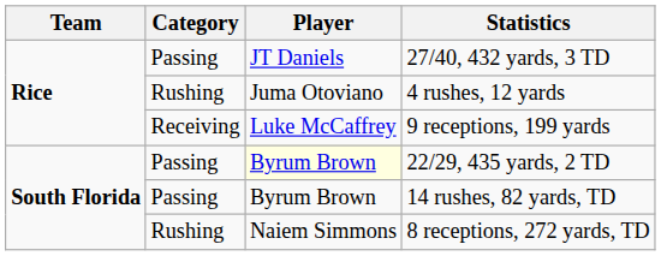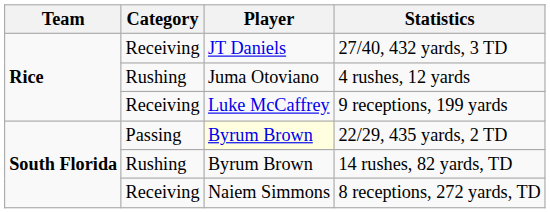 <table class="wikitable" style="float: right;">
 <tr>
 <th>Team</th>
 <th>Category</th>
 <th>Player</th>
 <th>Statistics</th>
 </tr>
 <tr>
 <td rowspan=3><strong>Rice</strong></td>
-<td>Passing</td>
+<td>Receiving</td>
 <td><a href='#'>JT Daniels</a></td>
 <td>27/40, 432 yards, 3 TD</td>
 </tr>
 <tr>
 <td>Rushing</td>
 <td>Juma Otoviano</td>
 <td>4 rushes, 12 yards</td>
 </tr>
 <tr>
 <td>Receiving</td>
 <td><a href='#'>Luke McCaffrey</a></td>
 <td>9 receptions, 199 yards</td>
 </tr>
 <tr>
 <td rowspan=3><strong>South Florida</strong></td>
 <td>Passing</td>
 <td style="background: lightyellow;"><a href='#'>Byrum Brown</a></td>
 <td>22/29, 435 yards, 2 TD</td>
 </tr>
 <tr>
-<td>Passing</td>
+<td>Rushing</td>
 <td>Byrum Brown</td>
 <td>14 rushes, 82 yards, TD</td>
 </tr>
 <tr>
-<td>Rushing</td>
+<td>Receiving</td>
 <td>Naiem Simmons</td>
 <td>8 receptions, 272 yards, TD</td>
 </tr>
 </table>
